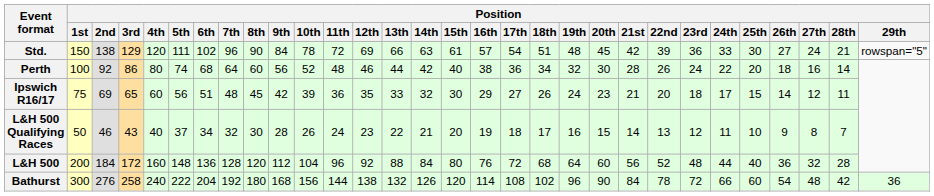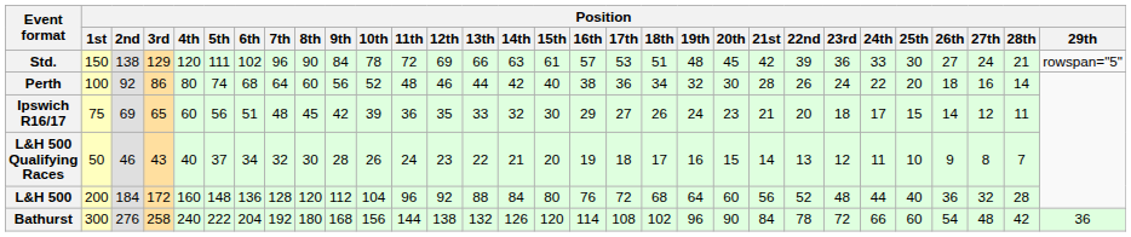 <table class="wikitable" style="font-size:85%; text-align:center">
 <tr style="background:#f9f9f9">
 <th rowspan="2">Event format</th>
 <th colspan="29">Position</th>
 </tr>
 <tr>
 <th>1st</th>
 <th>2nd</th>
 <th>3rd</th>
 <th>4th</th>
 <th>5th</th>
 <th>6th</th>
 <th>7th</th>
 <th>8th</th>
 <th>9th</th>
 <th>10th</th>
 <th>11th</th>
 <th>12th</th>
 <th>13th</th>
 <th>14th</th>
 <th>15th</th>
 <th>16th</th>
 <th>17th</th>
 <th>18th</th>
 <th>19th</th>
 <th>20th</th>
 <th>21st</th>
 <th>22nd</th>
 <th>23rd</th>
 <th>24th</th>
 <th>25th</th>
 <th>26th</th>
 <th>27th</th>
 <th>28th</th>
 <th>29th</th>
 </tr>
 <tr>
 <th valign="middle">Std.</th>
 <td style="background:#ffffbf;">150</td>
 <td style="background:#dfdfdf;">138</td>
 <td style="background:#ffdf9f;">129</td>
 <td style="background:#dfffdf;">120</td>
 <td style="background:#dfffdf;">111</td>
 <td style="background:#dfffdf;">102</td>
 <td style="background:#dfffdf;">96</td>
 <td style="background:#dfffdf;">90</td>
 <td style="background:#dfffdf;">84</td>
 <td style="background:#dfffdf;">78</td>
 <td style="background:#dfffdf;">72</td>
 <td style="background:#dfffdf;">69</td>
 <td style="background:#dfffdf;">66</td>
 <td style="background:#dfffdf;">63</td>
 <td style="background:#dfffdf;">61</td>
 <td style="background:#dfffdf;">57</td>
-<td style="background:#dfffdf;">54</td>
+<td style="background:#dfffdf;">53</td>
 <td style="background:#dfffdf;">51</td>
 <td style="background:#dfffdf;">48</td>
 <td style="background:#dfffdf;">45</td>
 <td style="background:#dfffdf;">42</td>
 <td style="background:#dfffdf;">39</td>
 <td style="background:#dfffdf;">36</td>
 <td style="background:#dfffdf;">33</td>
 <td style="background:#dfffdf;">30</td>
 <td style="background:#dfffdf;">27</td>
 <td style="background:#dfffdf;">24</td>
 <td style="background:#dfffdf;">21</td>
 <td>rowspan="5" </td>
 </tr>
 <tr>
 <th valign="middle">Perth</th>
 <td style="background:#ffffbf;">100</td>
 <td style="background:#dfdfdf;">92</td>
 <td style="background:#ffdf9f;">86</td>
 <td style="background:#dfffdf;">80</td>
 <td style="background:#dfffdf;">74</td>
 <td style="background:#dfffdf;">68</td>
 <td style="background:#dfffdf;">64</td>
 <td style="background:#dfffdf;">60</td>
 <td style="background:#dfffdf;">56</td>
 <td style="background:#dfffdf;">52</td>
 <td style="background:#dfffdf;">48</td>
 <td style="background:#dfffdf;">46</td>
 <td style="background:#dfffdf;">44</td>
 <td style="background:#dfffdf;">42</td>
 <td style="background:#dfffdf;">40</td>
 <td style="background:#dfffdf;">38</td>
 <td style="background:#dfffdf;">36</td>
 <td style="background:#dfffdf;">34</td>
 <td style="background:#dfffdf;">32</td>
 <td style="background:#dfffdf;">30</td>
 <td style="background:#dfffdf;">28</td>
 <td style="background:#dfffdf;">26</td>
 <td style="background:#dfffdf;">24</td>
 <td style="background:#dfffdf;">22</td>
 <td style="background:#dfffdf;">20</td>
 <td style="background:#dfffdf;">18</td>
 <td style="background:#dfffdf;">16</td>
 <td style="background:#dfffdf;">14</td>
 </tr>
 <tr>
 <th valign="middle">Ipswich R16/17</th>
 <td style="background:#ffffbf;">75</td>
 <td style="background:#dfdfdf;">69</td>
 <td style="background:#ffdf9f;">65</td>
 <td style="background:#dfffdf;">60</td>
 <td style="background:#dfffdf;">56</td>
 <td style="background:#dfffdf;">51</td>
 <td style="background:#dfffdf;">48</td>
 <td style="background:#dfffdf;">45</td>
 <td style="background:#dfffdf;">42</td>
 <td style="background:#dfffdf;">39</td>
 <td style="background:#dfffdf;">36</td>
 <td style="background:#dfffdf;">35</td>
 <td style="background:#dfffdf;">33</td>
 <td style="background:#dfffdf;">32</td>
 <td style="background:#dfffdf;">30</td>
 <td style="background:#dfffdf;">29</td>
 <td style="background:#dfffdf;">27</td>
 <td style="background:#dfffdf;">26</td>
 <td style="background:#dfffdf;">24</td>
 <td style="background:#dfffdf;">23</td>
 <td style="background:#dfffdf;">21</td>
 <td style="background:#dfffdf;">20</td>
 <td style="background:#dfffdf;">18</td>
 <td style="background:#dfffdf;">17</td>
 <td style="background:#dfffdf;">15</td>
 <td style="background:#dfffdf;">14</td>
 <td style="background:#dfffdf;">12</td>
 <td style="background:#dfffdf;">11</td>
 </tr>
 <tr>
 <th valign="middle">L&H 500<br>Qualifying Races</th>
 <td style="background:#ffffbf;">50</td>
 <td style="background:#dfdfdf;">46</td>
 <td style="background:#ffdf9f;">43</td>
 <td style="background:#dfffdf;">40</td>
 <td style="background:#dfffdf;">37</td>
 <td style="background:#dfffdf;">34</td>
 <td style="background:#dfffdf;">32</td>
 <td style="background:#dfffdf;">30</td>
 <td style="background:#dfffdf;">28</td>
 <td style="background:#dfffdf;">26</td>
 <td style="background:#dfffdf;">24</td>
 <td style="background:#dfffdf;">23</td>
 <td style="background:#dfffdf;">22</td>
 <td style="background:#dfffdf;">21</td>
 <td style="background:#dfffdf;">20</td>
 <td style="background:#dfffdf;">19</td>
 <td style="background:#dfffdf;">18</td>
 <td style="background:#dfffdf;">17</td>
 <td style="background:#dfffdf;">16</td>
 <td style="background:#dfffdf;">15</td>
 <td style="background:#dfffdf;">14</td>
 <td style="background:#dfffdf;">13</td>
 <td style="background:#dfffdf;">12</td>
 <td style="background:#dfffdf;">11</td>
 <td style="background:#dfffdf;">10</td>
 <td style="background:#dfffdf;">9</td>
 <td style="background:#dfffdf;">8</td>
 <td style="background:#dfffdf;">7</td>
 </tr>
 <tr>
 <th valign="middle">L&H 500</th>
 <td style="background:#ffffbf;">200</td>
 <td style="background:#dfdfdf;">184</td>
 <td style="background:#ffdf9f;">172</td>
 <td style="background:#dfffdf;">160</td>
 <td style="background:#dfffdf;">148</td>
 <td style="background:#dfffdf;">136</td>
 <td style="background:#dfffdf;">128</td>
 <td style="background:#dfffdf;">120</td>
 <td style="background:#dfffdf;">112</td>
 <td style="background:#dfffdf;">104</td>
 <td style="background:#dfffdf;">96</td>
 <td style="background:#dfffdf;">92</td>
 <td style="background:#dfffdf;">88</td>
 <td style="background:#dfffdf;">84</td>
 <td style="background:#dfffdf;">80</td>
 <td style="background:#dfffdf;">76</td>
 <td style="background:#dfffdf;">72</td>
 <td style="background:#dfffdf;">68</td>
 <td style="background:#dfffdf;">64</td>
 <td style="background:#dfffdf;">60</td>
 <td style="background:#dfffdf;">56</td>
 <td style="background:#dfffdf;">52</td>
 <td style="background:#dfffdf;">48</td>
 <td style="background:#dfffdf;">44</td>
 <td style="background:#dfffdf;">40</td>
 <td style="background:#dfffdf;">36</td>
 <td style="background:#dfffdf;">32</td>
 <td style="background:#dfffdf;">28</td>
 </tr>
 <tr>
 <th valign="middle">Bathurst</th>
 <td style="background:#ffffbf;">300</td>
 <td style="background:#dfdfdf;">276</td>
 <td style="background:#ffdf9f;">258</td>
 <td style="background:#dfffdf;">240</td>
 <td style="background:#dfffdf;">222</td>
 <td style="background:#dfffdf;">204</td>
 <td style="background:#dfffdf;">192</td>
 <td style="background:#dfffdf;">180</td>
 <td style="background:#dfffdf;">168</td>
 <td style="background:#dfffdf;">156</td>
 <td style="background:#dfffdf;">144</td>
 <td style="background:#dfffdf;">138</td>
 <td style="background:#dfffdf;">132</td>
 <td style="background:#dfffdf;">126</td>
 <td style="background:#dfffdf;">120</td>
 <td style="background:#dfffdf;">114</td>
 <td style="background:#dfffdf;">108</td>
 <td style="background:#dfffdf;">102</td>
 <td style="background:#dfffdf;">96</td>
 <td style="background:#dfffdf;">90</td>
 <td style="background:#dfffdf;">84</td>
 <td style="background:#dfffdf;">78</td>
 <td style="background:#dfffdf;">72</td>
 <td style="background:#dfffdf;">66</td>
 <td style="background:#dfffdf;">60</td>
 <td style="background:#dfffdf;">54</td>
 <td style="background:#dfffdf;">48</td>
 <td style="background:#dfffdf;">42</td>
 <td style="background:#dfffdf;">36</td>
 </tr>
 </table>
